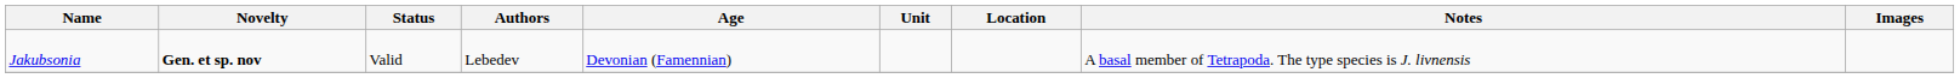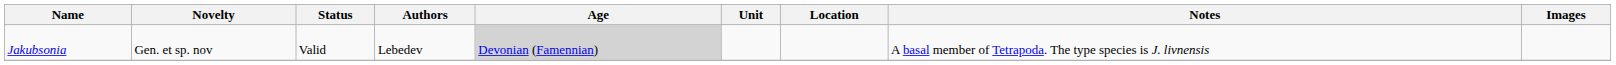 <table class="wikitable sortable" align="center" width="100%">
 <tr>
 <th>Name</th>
 <th>Novelty</th>
 <th>Status</th>
 <th>Authors</th>
 <th>Age</th>
 <th>Unit</th>
 <th>Location</th>
 <th>Notes</th>
 <th>Images</th>
 </tr>
 <tr>
 <td><br><em><a href='#'>Jakubsonia</a></em></td>
-<td><strong><br>Gen. et sp. nov</strong></td>
+<td><br>Gen. et sp. nov</td>
 <td><br>Valid</td>
 <td><br>Lebedev</td>
-<td><br><a href='#'>Devonian</a> (<a href='#'>Famennian</a>)</td>
+<td style="background: lightgrey;"><br><a href='#'>Devonian</a> (<a href='#'>Famennian</a>)</td>
 <td></td>
 <td><br></td>
 <td><br>A <a href='#'>basal</a> member of <a href='#'>Tetrapoda</a>. The type species is <em>J. livnensis</em></td>
 <td></td>
 </tr>
 <tr>
 </tr>
 </table>
